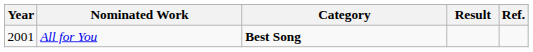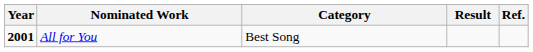 <table class="wikitable" width="50%">
 <tr>
 <th width="5%">Year</th>
 <th width="40%">Nominated Work</th>
 <th width="40%">Category</th>
 <th width="10%">Result</th>
 <th width="5%">Ref.</th>
 </tr>
 <tr>
-<td>2001</td>
+<td><strong>2001</strong></td>
 <td><em><a href='#'>All for You</a></em></td>
-<td><strong>Best Song</strong></td>
+<td>Best Song</td>
 <td></td>
 <td></td>
 </tr>
 </table>
